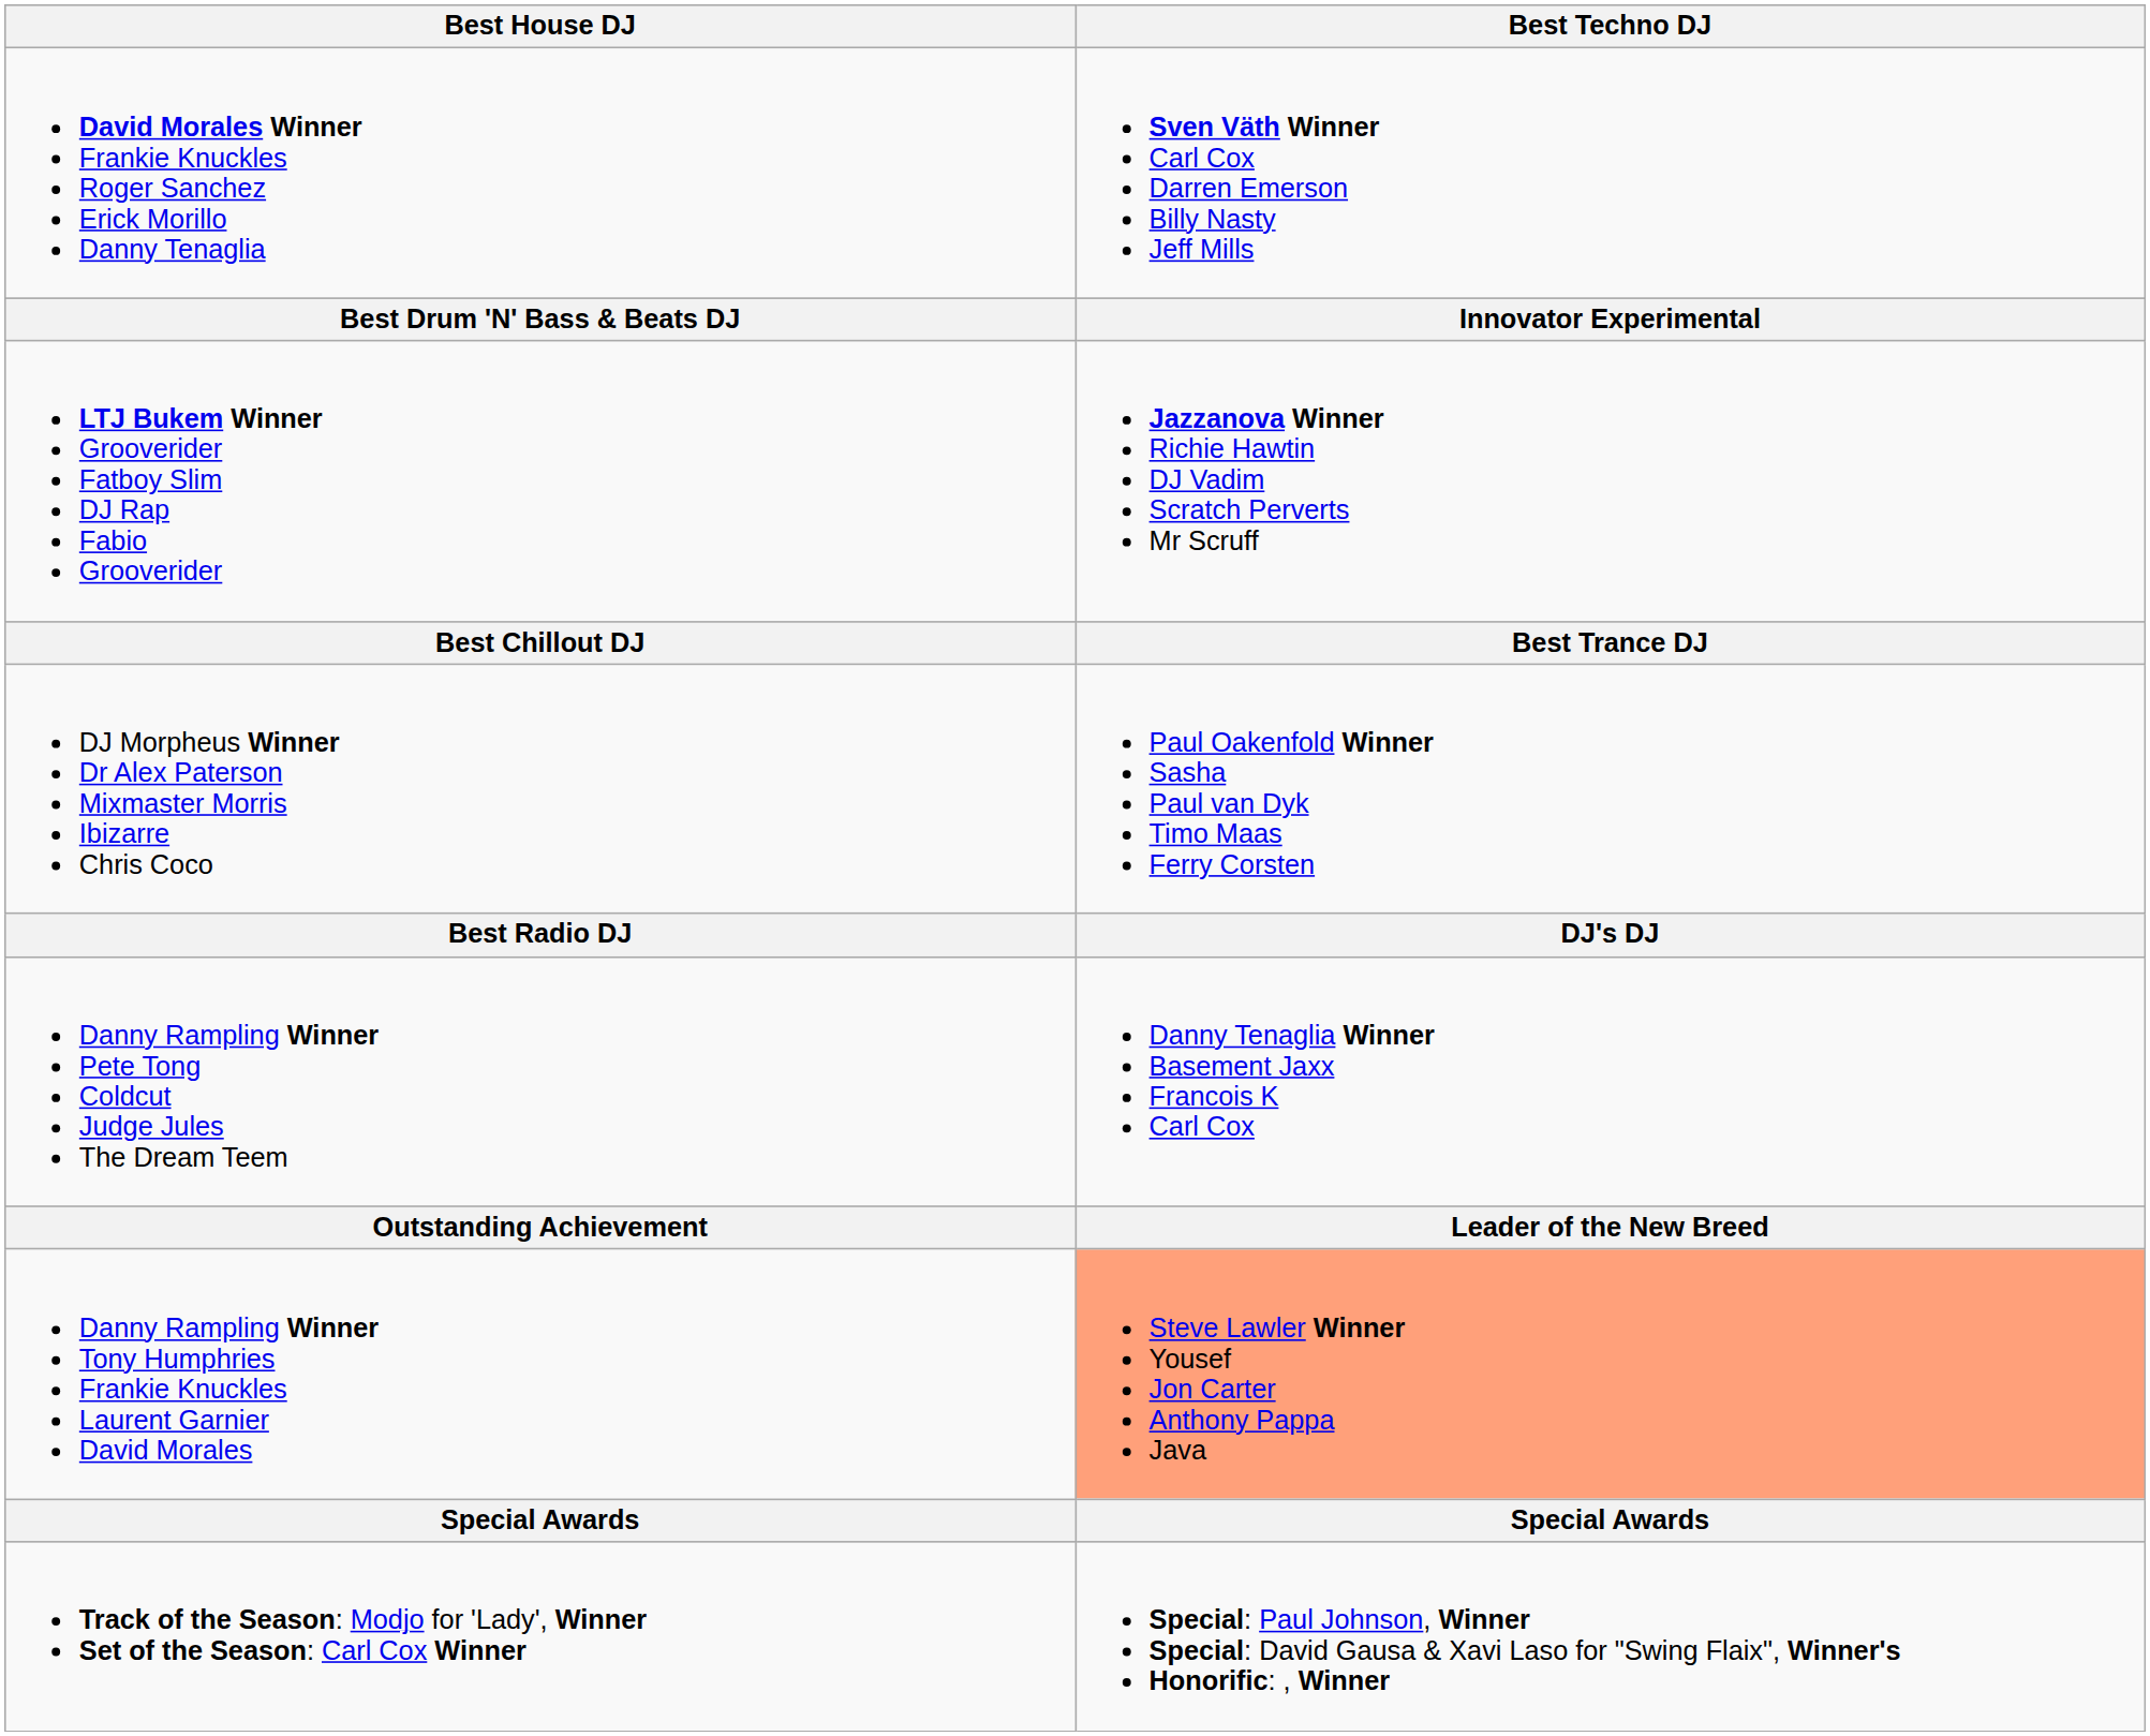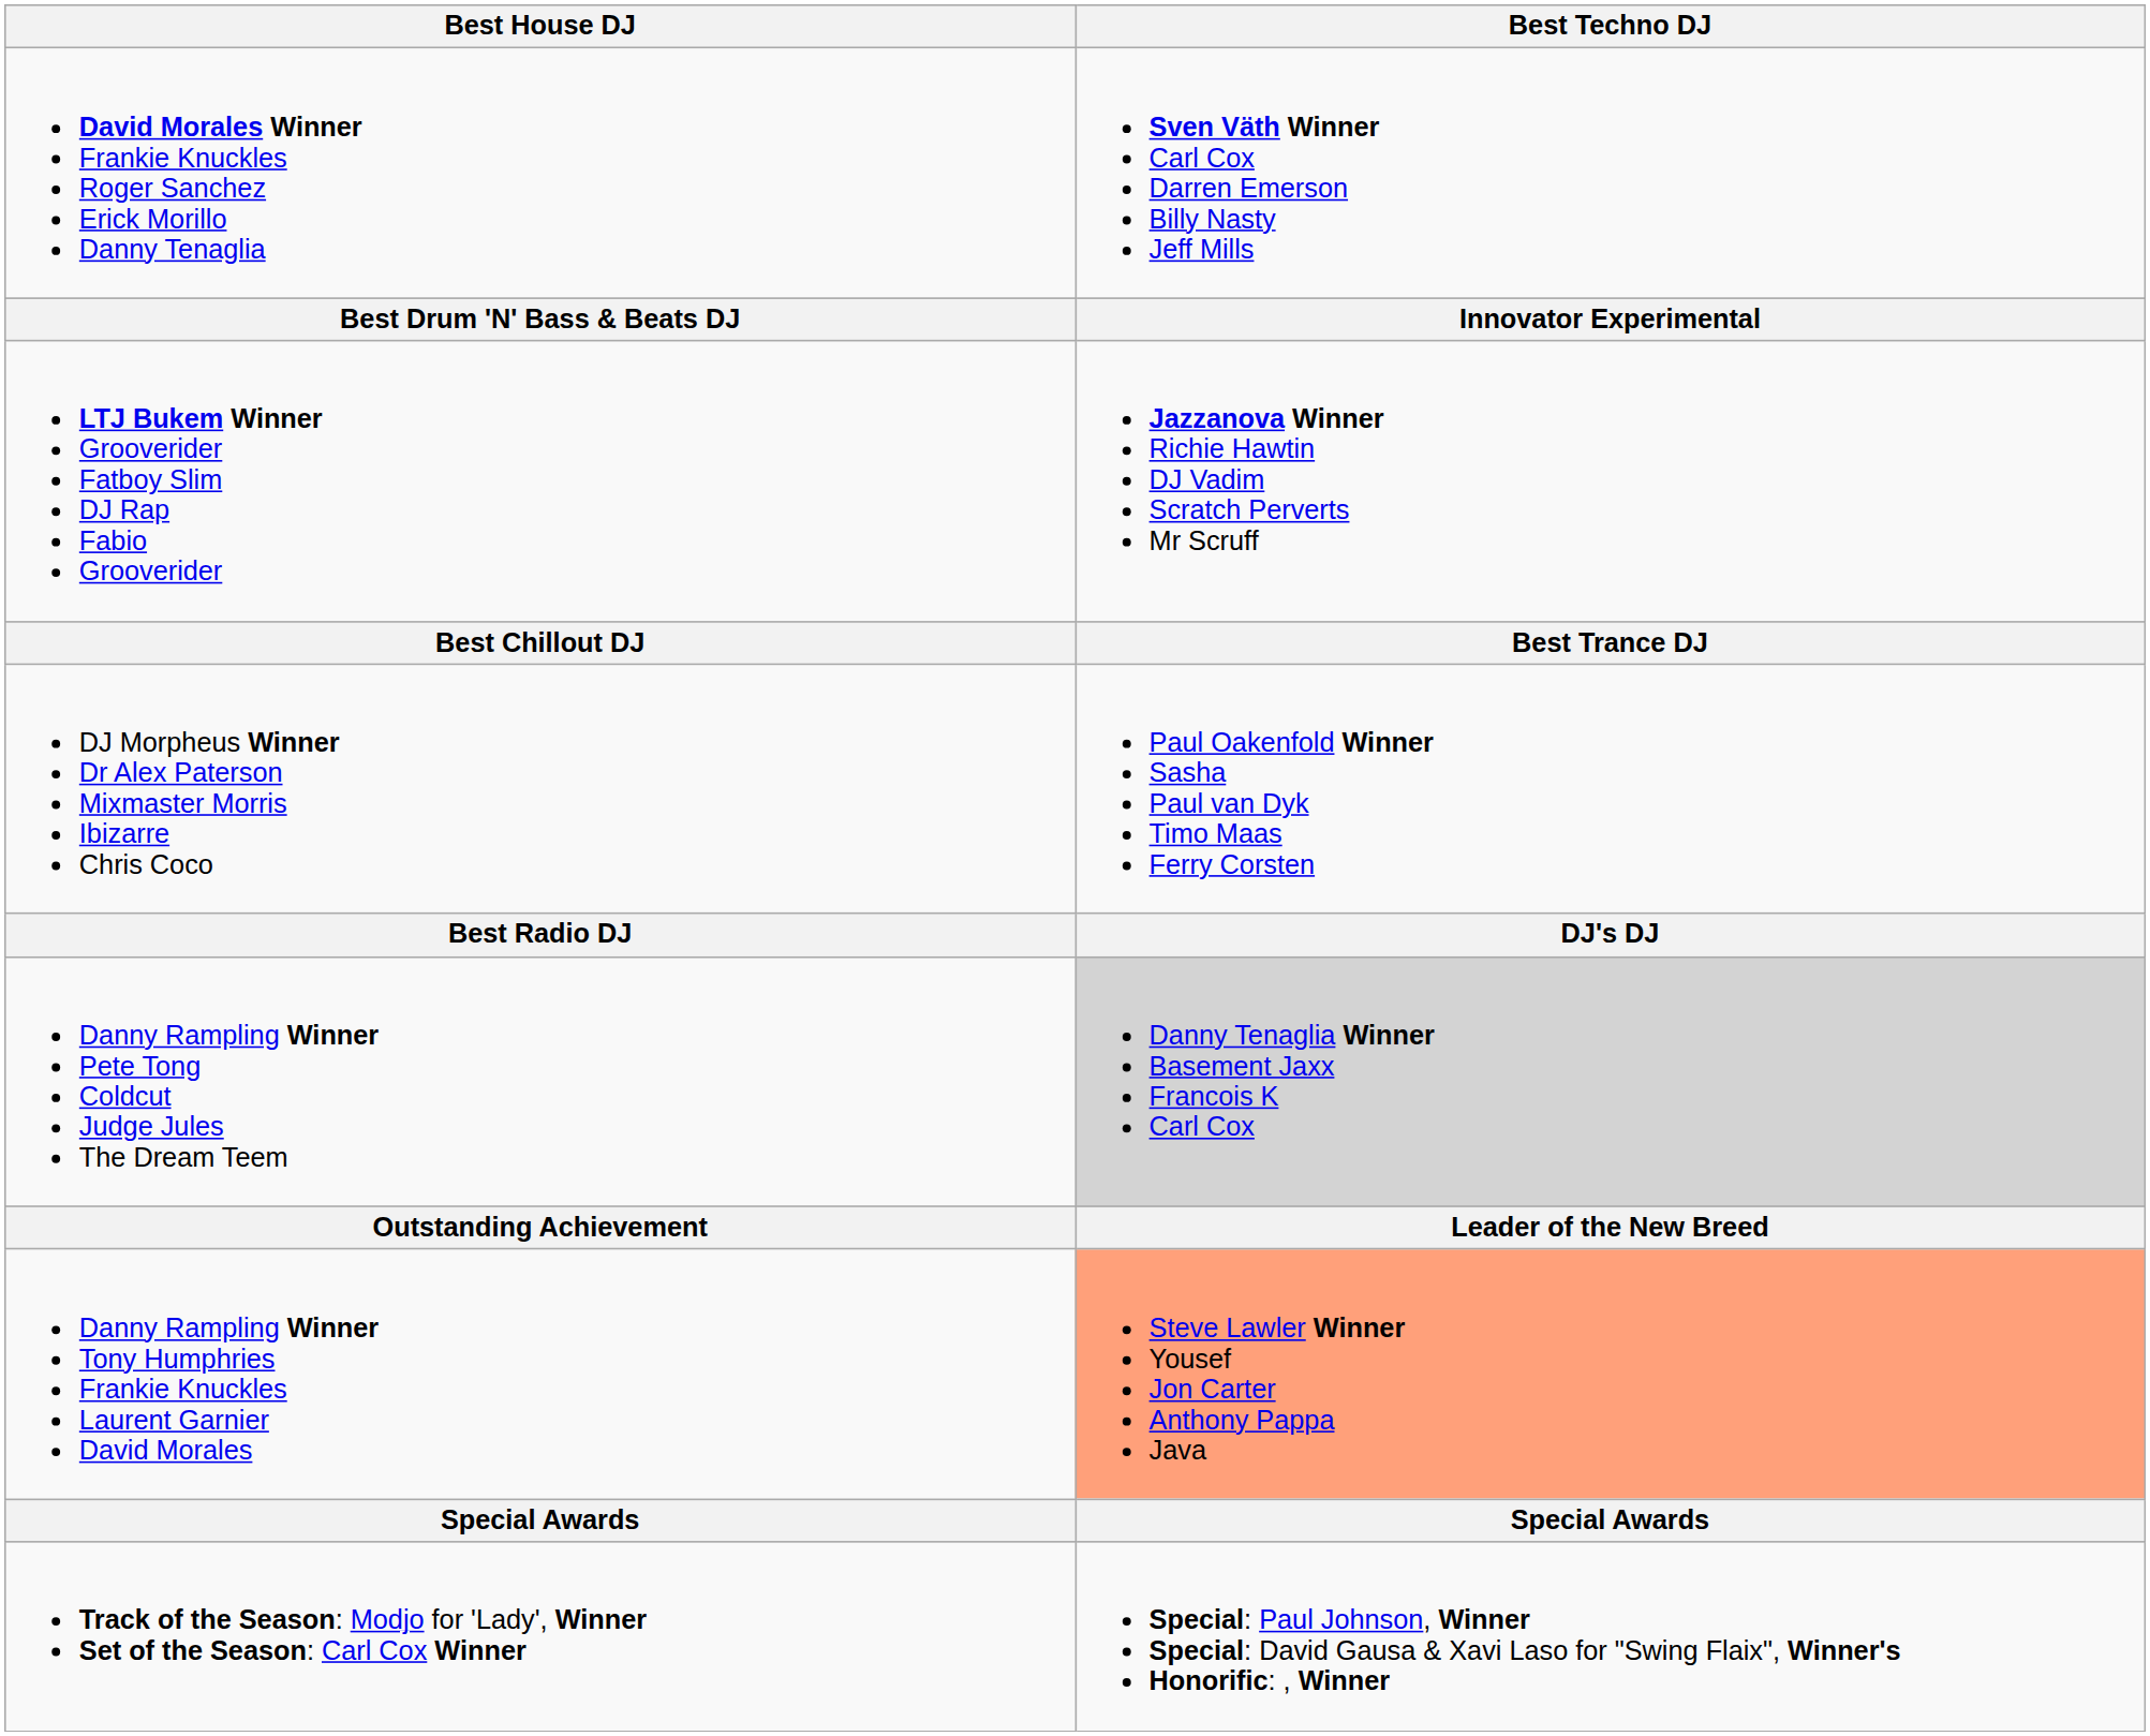 <table class=wikitable width="100%">
 <tr>
 <th width="50%"><strong>Best House DJ</strong></th>
 <th width="50%"><strong>Best Techno DJ</strong></th>
 </tr>
 <tr>
 <td valign="top"><br><ul><li><strong> <a href='#'>David Morales</a> Winner</strong></li><li><a href='#'>Frankie Knuckles</a></li><li><a href='#'>Roger Sanchez</a></li><li><a href='#'>Erick Morillo</a></li><li><a href='#'>Danny Tenaglia</a></li></ul></td>
 <td valign="top"><br><ul><li><strong> <a href='#'>Sven Väth</a> Winner</strong></li><li><a href='#'>Carl Cox</a></li><li><a href='#'>Darren Emerson</a></li><li><a href='#'>Billy Nasty</a></li><li><a href='#'>Jeff Mills</a></li></ul></td>
 </tr>
 <tr>
 <th width="50%"><strong>Best Drum 'N' Bass & Beats DJ</strong></th>
 <th width="50%"><strong>Innovator Experimental</strong></th>
 </tr>
 <tr>
 <td valign="top"><br><ul><li><strong> <a href='#'>LTJ Bukem</a> Winner</strong></li><li><a href='#'>Grooverider</a></li><li><a href='#'>Fatboy Slim</a></li><li><a href='#'>DJ Rap</a></li><li><a href='#'>Fabio</a></li><li><a href='#'>Grooverider</a></li></ul></td>
 <td valign="top"><br><ul><li><strong> <a href='#'>Jazzanova</a> Winner</strong></li><li><a href='#'>Richie Hawtin</a></li><li><a href='#'>DJ Vadim</a></li><li><a href='#'>Scratch Perverts</a></li><li>Mr Scruff</li></ul></td>
 </tr>
 <tr>
 <th width="50%"><strong>Best Chillout DJ</strong></th>
 <th width="50%"><strong>Best Trance DJ</strong></th>
 </tr>
 <tr>
 <td valign="top"><br><ul><li> DJ Morpheus <strong>Winner</strong></li><li><a href='#'>Dr Alex Paterson</a></li><li><a href='#'>Mixmaster Morris</a></li><li><a href='#'>Ibizarre</a></li><li>Chris Coco</li></ul></td>
 <td valign="top"><br><ul><li> <a href='#'>Paul Oakenfold</a> <strong>Winner</strong></li><li><a href='#'>Sasha</a></li><li><a href='#'>Paul van Dyk</a></li><li><a href='#'>Timo Maas</a></li><li><a href='#'>Ferry Corsten</a></li></ul></td>
 </tr>
 <tr>
 <th width="50%"><strong>Best Radio DJ</strong></th>
 <th width="50%"><strong>DJ's DJ</strong></th>
 </tr>
 <tr>
 <td valign="top"><br><ul><li> <a href='#'>Danny Rampling</a> <strong>Winner</strong></li><li><a href='#'>Pete Tong</a></li><li><a href='#'>Coldcut</a></li><li><a href='#'>Judge Jules</a></li><li>The Dream Teem</li></ul></td>
-<td valign="top"><br><ul><li> <a href='#'>Danny Tenaglia</a> <strong>Winner</strong></li><li><a href='#'>Basement Jaxx</a></li><li><a href='#'>Francois K</a></li><li><a href='#'>Carl Cox</a></li></ul></td>
+<td valign="top" style="background: lightgrey;"><br><ul><li> <a href='#'>Danny Tenaglia</a> <strong>Winner</strong></li><li><a href='#'>Basement Jaxx</a></li><li><a href='#'>Francois K</a></li><li><a href='#'>Carl Cox</a></li></ul></td>
 </tr>
 <tr>
 <th width="50%"><strong>Outstanding Achievement</strong></th>
 <th width="50%"><strong>Leader of the New Breed</strong></th>
 </tr>
 <tr>
 <td valign="top"><br><ul><li> <a href='#'>Danny Rampling</a> <strong>Winner</strong></li><li><a href='#'>Tony Humphries</a></li><li><a href='#'>Frankie Knuckles</a></li><li><a href='#'>Laurent Garnier</a></li><li><a href='#'>David Morales</a></li></ul></td>
 <td valign="top" style="background: lightsalmon;"><br><ul><li> <a href='#'>Steve Lawler</a> <strong>Winner</strong></li><li>Yousef</li><li><a href='#'>Jon Carter</a></li><li><a href='#'>Anthony Pappa</a></li><li>Java</li></ul></td>
 </tr>
 <tr>
 <th width="50%"><strong>Special Awards</strong></th>
 <th width="50%"><strong>Special Awards</strong></th>
 </tr>
 <tr>
 <td valign="top"><br><ul><li><strong>Track of the Season</strong>:  <a href='#'>Modjo</a> for 'Lady', <strong>Winner</strong></li><li><strong>Set of the Season</strong>:  <a href='#'>Carl Cox</a> <strong>Winner</strong></li></ul></td>
 <td valign="top"><br><ul><li><strong>Special</strong>:  <a href='#'>Paul Johnson</a>, <strong>Winner</strong></li><li><strong>Special</strong>:  David Gausa & Xavi Laso for "Swing Flaix", <strong>Winner's</strong></li><li><strong>Honorific</strong>:  , <strong>Winner</strong></li></ul></td>
 </tr>
 </table>
